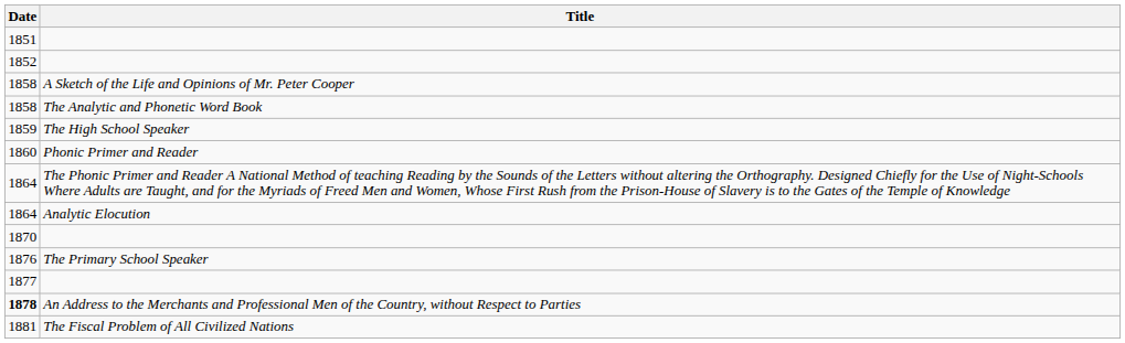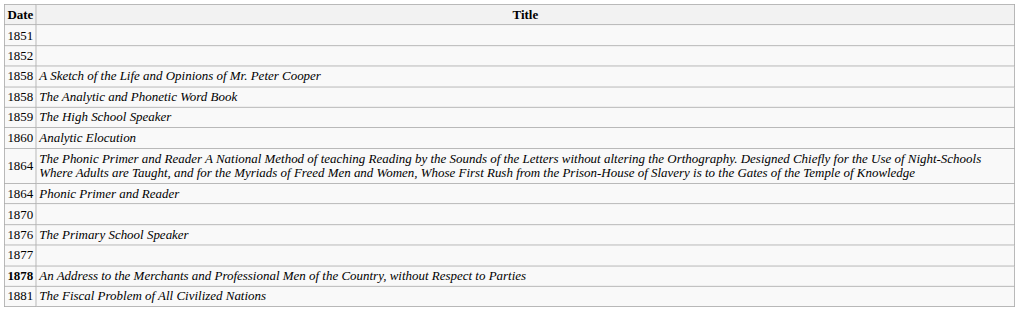 <table class="wikitable">
 <tr>
 <th>Date</th>
 <th>Title</th>
 </tr>
 <tr>
 <td>1851</td>
 <td></td>
 </tr>
 <tr>
 <td>1852</td>
 <td></td>
 </tr>
 <tr>
 <td>1858</td>
 <td><em>A Sketch of the Life and Opinions of Mr. Peter Cooper</em></td>
 </tr>
 <tr>
 <td>1858</td>
 <td><em>The Analytic and Phonetic Word Book</em></td>
 </tr>
 <tr>
 <td>1859</td>
 <td><em>The High School Speaker</em></td>
 </tr>
 <tr>
 <td>1860</td>
-<td><em>Phonic Primer and Reader</em></td>
+<td><em>Analytic Elocution</em></td>
 </tr>
 <tr>
 <td>1864</td>
 <td><em>The Phonic Primer and Reader A National Method of teaching Reading by the Sounds of the Letters without altering the Orthography. Designed Chiefly for the Use of Night-Schools Where Adults are Taught, and for the Myriads of Freed Men and Women, Whose First Rush from the Prison-House of Slavery is to the Gates of the Temple of Knowledge</em></td>
 </tr>
 <tr>
 <td>1864</td>
-<td><em>Analytic Elocution</em></td>
+<td><em>Phonic Primer and Reader</em></td>
 </tr>
 <tr>
 <td>1870</td>
 <td></td>
 </tr>
 <tr>
 <td>1876</td>
 <td><em>The Primary School Speaker</em></td>
 </tr>
 <tr>
 <td>1877</td>
 <td></td>
 </tr>
 <tr>
 <td><strong>1878</strong></td>
 <td><em>An Address to the Merchants and Professional Men of the Country, without Respect to Parties</em></td>
 </tr>
 <tr>
 <td>1881</td>
 <td><em>The Fiscal Problem of All Civilized Nations</em></td>
 </tr>
 </table>
